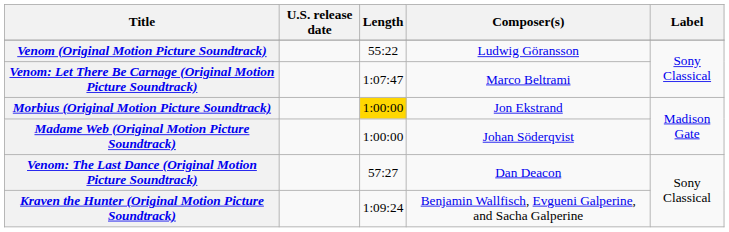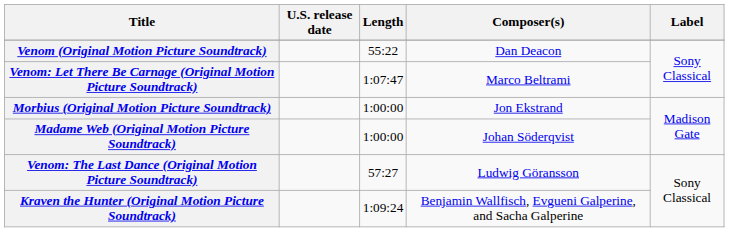 <table class="wikitable plainrowheaders" style="text-align: center;">
 <tr>
 <th scope="col">Title</th>
 <th scope="col">U.S. release date</th>
 <th scope="col">Length</th>
 <th scope="col">Composer(s)</th>
 <th scope="col">Label</th>
 </tr>
 <tr>
 </tr>
 <tr>
 <th scope="row"><em><a href='#'>Venom (Original Motion Picture Soundtrack)</a></em></th>
 <td></td>
 <td>55:22</td>
-<td><a href='#'>Ludwig Göransson</a></td>
+<td><a href='#'>Dan Deacon</a></td>
 <td rowspan="2" style="text-align: center;"><a href='#'>Sony Classical</a></td>
 </tr>
 <tr>
 <th scope="row"><em><a href='#'>Venom: Let There Be Carnage (Original Motion Picture Soundtrack)</a></em></th>
 <td></td>
 <td>1:07:47</td>
 <td><a href='#'>Marco Beltrami</a></td>
 </tr>
 <tr>
 <th scope="row"><em><a href='#'>Morbius (Original Motion Picture Soundtrack)</a></em></th>
 <td></td>
-<td style="background: gold;">1:00:00</td>
+<td>1:00:00</td>
 <td><a href='#'>Jon Ekstrand</a></td>
 <td rowspan="2" style="text-align: center;"><a href='#'>Madison Gate</a></td>
 </tr>
 <tr>
 <th scope="row"><em><a href='#'>Madame Web (Original Motion Picture Soundtrack)</a></em></th>
 <td></td>
 <td>1:00:00</td>
 <td><a href='#'>Johan Söderqvist</a></td>
 </tr>
 <tr>
 <th scope="row"><em><a href='#'>Venom: The Last Dance (Original Motion Picture Soundtrack)</a></em></th>
 <td></td>
 <td>57:27</td>
-<td><a href='#'>Dan Deacon</a></td>
+<td><a href='#'>Ludwig Göransson</a></td>
 <td rowspan="2" style="text-align: center;">Sony Classical</td>
 </tr>
 <tr>
 <th scope="row"><em><a href='#'>Kraven the Hunter (Original Motion Picture Soundtrack)</a></em></th>
 <td></td>
 <td>1:09:24</td>
 <td><a href='#'>Benjamin Wallfisch</a>, <a href='#'>Evgueni Galperine</a>, and Sacha Galperine</td>
 </tr>
 </table>
